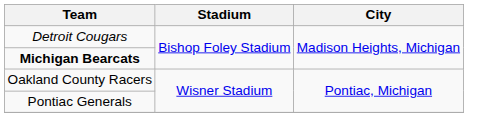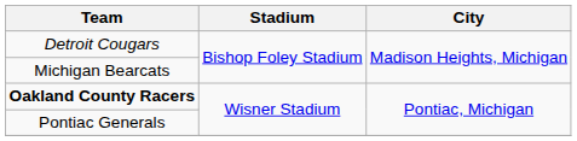 <table class="wikitable" style="text-align:center">
 <tr>
 <th>Team</th>
 <th>Stadium</th>
 <th>City</th>
 </tr>
 <tr>
 <td><em>Detroit Cougars<strong></td>
 <td rowspan="2" style="text-align:center"><a href='#'>Bishop Foley Stadium</a></td>
 <td rowspan="2" style="text-align:center"><a href='#'>Madison Heights, Michigan</a></td>
 </tr>
 <tr>
-<td><strong></em>Michigan Bearcats<em></strong></td>
+<td></em>Michigan Bearcats<em></td>
 </tr>
 <tr>
-<td></em>Oakland County Racers<em></td>
+<td><strong></em>Oakland County Racers<em></strong></td>
 <td rowspan="2" style="text-align:center"><a href='#'>Wisner Stadium</a></td>
 <td rowspan="2" style="text-align:center"><a href='#'>Pontiac, Michigan</a></td>
 </tr>
 <tr>
 <td></em>Pontiac Generals<em></td>
 </tr>
 <tr>
 </tr>
 </table>
